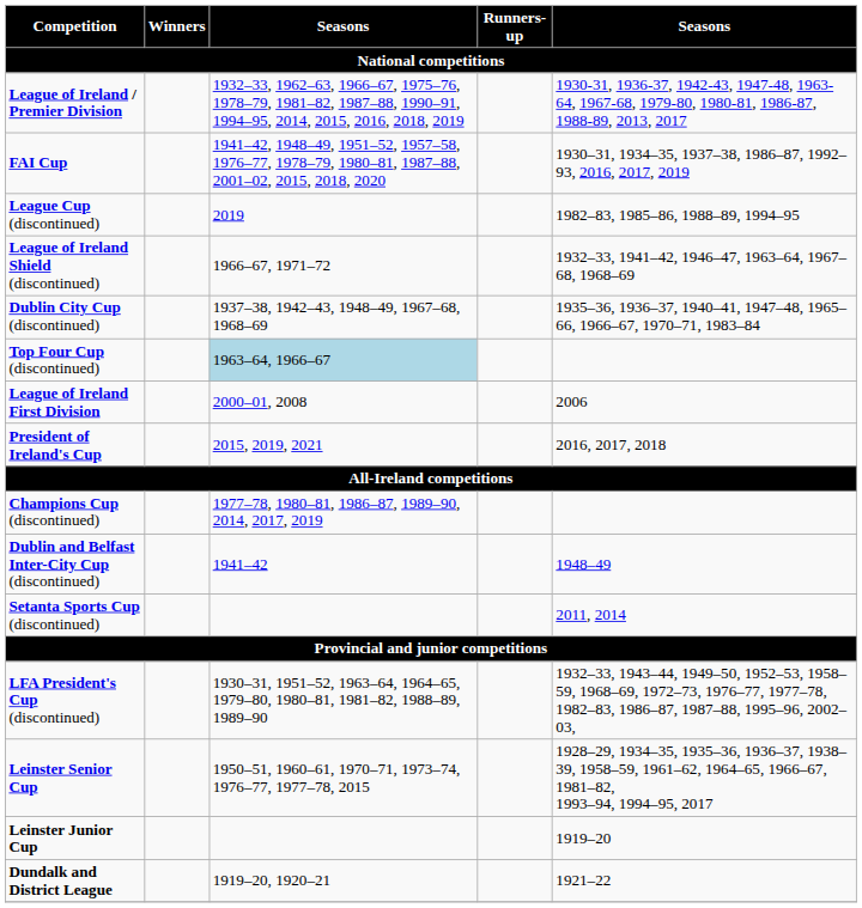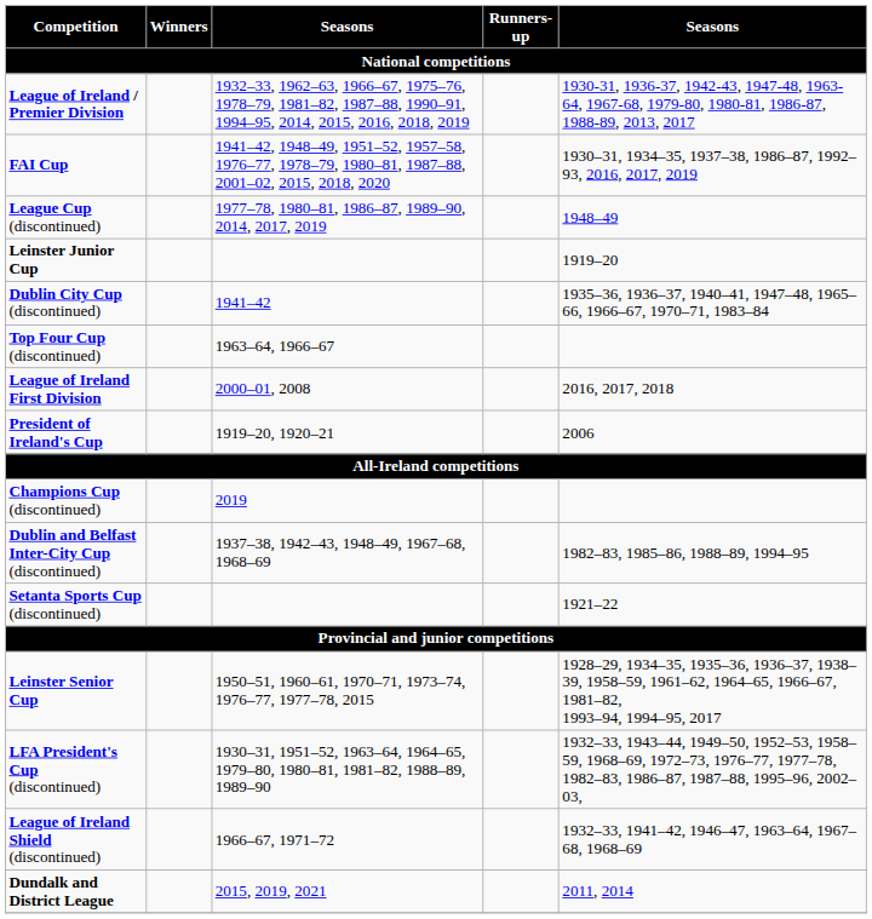 <table class="wikitable">
 <tr>
 <th style="color:white; background:black">Competition</th>
 <th style="color:white; background:black">Winners</th>
 <th style="color:white; background:black">Seasons</th>
 <th style="color:white; background:black">Runners-up</th>
 <th style="color:white; background:black">Seasons</th>
 </tr>
 <tr>
 <th Colspan="5" style="color:white; background:black"><strong>National competitions</strong></th>
 </tr>
 <tr>
 <td><strong><a href='#'>League of Ireland</a> / <br><a href='#'>Premier Division</a></strong></td>
 <td></td>
 <td><a href='#'>1932–33</a>, <a href='#'>1962–63</a>, <a href='#'>1966–67</a>, <a href='#'>1975–76</a>, <a href='#'>1978–79</a>, <a href='#'>1981–82</a>, <a href='#'>1987–88</a>, <a href='#'>1990–91</a>, <a href='#'>1994–95</a>, <a href='#'>2014</a>, <a href='#'>2015</a>, <a href='#'>2016</a>, <a href='#'>2018</a>, <a href='#'>2019</a></td>
 <td></td>
 <td><a href='#'>1930-31</a>, <a href='#'>1936-37</a>, <a href='#'>1942-43</a>, <a href='#'>1947-48</a>, <a href='#'>1963-64</a>, <a href='#'>1967-68</a>, <a href='#'>1979-80</a>, <a href='#'>1980-81</a>, <a href='#'>1986-87</a>, <a href='#'>1988-89</a>, <a href='#'>2013</a>, <a href='#'>2017</a></td>
 </tr>
 <tr>
 <td><strong><a href='#'>FAI Cup</a></strong></td>
 <td></td>
 <td><a href='#'>1941–42</a>, <a href='#'>1948–49</a>, <a href='#'>1951–52</a>, <a href='#'>1957–58</a>, <a href='#'>1976–77</a>, <a href='#'>1978–79</a>, <a href='#'>1980–81</a>, <a href='#'>1987–88</a>, <a href='#'>2001–02</a>, <a href='#'>2015</a>, <a href='#'>2018</a>, <a href='#'>2020</a></td>
 <td></td>
 <td>1930–31, 1934–35, 1937–38, 1986–87, 1992–93, <a href='#'>2016</a>, <a href='#'>2017</a>, <a href='#'>2019</a></td>
 </tr>
 <tr>
 <td><strong><a href='#'>League Cup</a></strong><br>(discontinued)</td>
 <td></td>
+<td><a href='#'>1977–78</a>, <a href='#'>1980–81</a>, <a href='#'>1986–87</a>, <a href='#'>1989–90</a>, <a href='#'>2014</a>, <a href='#'>2017</a>, <a href='#'>2019</a></td>
+<td></td>
+<td><a href='#'>1948–49</a></td>
+</tr>
+<tr>
+<td><strong>Leinster Junior Cup</strong></td>
+<td></td>
+<td></td>
+<td></td>
+<td>1919–20</td>
+</tr>
+<tr>
+<td><strong><a href='#'>Dublin City Cup</a></strong><br>(discontinued)</td>
+<td></td>
+<td><a href='#'>1941–42</a></td>
+<td></td>
+<td>1935–36, 1936–37, 1940–41, 1947–48, 1965–66, 1966–67, 1970–71, 1983–84</td>
+</tr>
+<tr>
+<td><strong><a href='#'>Top Four Cup</a></strong><br>(discontinued)</td>
+<td></td>
+<td>1963–64, 1966–67</td>
+<td></td>
+<td></td>
+</tr>
+<tr>
+<td><strong><a href='#'>League of Ireland First Division</a></strong></td>
+<td></td>
+<td><a href='#'>2000–01</a>, 2008</td>
+<td></td>
+<td>2016, 2017, 2018</td>
+</tr>
+<tr>
+<td><strong><a href='#'>President of Ireland's Cup</a></strong></td>
+<td></td>
+<td>1919–20, 1920–21</td>
+<td></td>
+<td>2006</td>
+</tr>
+<tr>
+<th Colspan="5" style="color:white; background:black"><strong>All-Ireland competitions</strong></th>
+</tr>
+<tr>
+<td><strong><a href='#'>Champions Cup</a></strong><br>(discontinued)</td>
+<td></td>
 <td><a href='#'>2019</a></td>
 <td></td>
+<td></td>
+</tr>
+<tr>
+<td><strong><a href='#'>Dublin and Belfast Inter-City Cup</a></strong><br>(discontinued)</td>
+<td></td>
+<td>1937–38, 1942–43, 1948–49, 1967–68, 1968–69</td>
+<td></td>
 <td>1982–83, 1985–86, 1988–89, 1994–95</td>
+</tr>
+<tr>
+<td><strong><a href='#'>Setanta Sports Cup</a></strong><br>(discontinued)</td>
+<td></td>
+<td></td>
+<td></td>
+<td>1921–22</td>
+</tr>
+<tr>
+<th Colspan="5" style="color:white; background:black"><strong>Provincial and junior competitions</strong></th>
+</tr>
+<tr>
+<td><strong><a href='#'>Leinster Senior Cup</a></strong></td>
+<td></td>
+<td>1950–51, 1960–61, 1970–71, 1973–74, 1976–77, 1977–78, 2015</td>
+<td></td>
+<td>1928–29, 1934–35, 1935–36, 1936–37, 1938–39, 1958–59, 1961–62, 1964–65, 1966–67, 1981–82,<br>1993–94, 1994–95, 2017</td>
+</tr>
+<tr>
+<td><strong><a href='#'>LFA President's Cup</a></strong><br>(discontinued)</td>
+<td></td>
+<td>1930–31, 1951–52, 1963–64, 1964–65, 1979–80, 1980–81, 1981–82, 1988–89, 1989–90</td>
+<td></td>
+<td>1932–33, 1943–44, 1949–50, 1952–53, 1958–59, 1968–69, 1972–73, 1976–77, 1977–78, 1982–83, 1986–87, 1987–88, 1995–96, 2002–03,</td>
 </tr>
 <tr>
 <td><strong><a href='#'>League of Ireland Shield</a></strong><br>(discontinued)</td>
 <td></td>
 <td>1966–67, 1971–72</td>
 <td></td>
 <td>1932–33, 1941–42, 1946–47, 1963–64, 1967–68, 1968–69</td>
 </tr>
 <tr>
-<td><strong><a href='#'>Dublin City Cup</a></strong><br>(discontinued)</td>
-<td></td>
-<td>1937–38, 1942–43, 1948–49, 1967–68, 1968–69</td>
-<td></td>
-<td>1935–36, 1936–37, 1940–41, 1947–48, 1965–66, 1966–67, 1970–71, 1983–84</td>
-</tr>
-<tr>
-<td><strong><a href='#'>Top Four Cup</a></strong><br>(discontinued)</td>
-<td></td>
-<td style="background: lightblue;">1963–64, 1966–67</td>
-<td></td>
-<td></td>
-</tr>
-<tr>
-<td><strong><a href='#'>League of Ireland First Division</a></strong></td>
-<td></td>
-<td><a href='#'>2000–01</a>, 2008</td>
-<td></td>
-<td>2006</td>
-</tr>
-<tr>
-<td><strong><a href='#'>President of Ireland's Cup</a></strong></td>
+<td><strong>Dundalk and District League</strong></td>
 <td></td>
 <td><a href='#'>2015</a>, <a href='#'>2019</a>, <a href='#'>2021</a></td>
-<td></td>
-<td>2016, 2017, 2018</td>
-</tr>
-<tr>
-<th Colspan="5" style="color:white; background:black"><strong>All-Ireland competitions</strong></th>
-</tr>
-<tr>
-<td><strong><a href='#'>Champions Cup</a></strong><br>(discontinued)</td>
-<td></td>
-<td><a href='#'>1977–78</a>, <a href='#'>1980–81</a>, <a href='#'>1986–87</a>, <a href='#'>1989–90</a>, <a href='#'>2014</a>, <a href='#'>2017</a>, <a href='#'>2019</a></td>
-<td></td>
-<td></td>
-</tr>
-<tr>
-<td><strong><a href='#'>Dublin and Belfast Inter-City Cup</a></strong><br>(discontinued)</td>
-<td></td>
-<td><a href='#'>1941–42</a></td>
-<td></td>
-<td><a href='#'>1948–49</a></td>
-</tr>
-<tr>
-<td><strong><a href='#'>Setanta Sports Cup</a></strong><br>(discontinued)</td>
-<td></td>
-<td></td>
 <td></td>
 <td><a href='#'>2011</a>, <a href='#'>2014</a></td>
 </tr>
 <tr>
-<th Colspan="5" style="color:white; background:black"><strong>Provincial and junior competitions</strong></th>
-</tr>
-<tr>
-<td><strong><a href='#'>LFA President's Cup</a></strong><br>(discontinued)</td>
-<td></td>
-<td>1930–31, 1951–52, 1963–64, 1964–65, 1979–80, 1980–81, 1981–82, 1988–89, 1989–90</td>
-<td></td>
-<td>1932–33, 1943–44, 1949–50, 1952–53, 1958–59, 1968–69, 1972–73, 1976–77, 1977–78, 1982–83, 1986–87, 1987–88, 1995–96, 2002–03,</td>
-</tr>
-<tr>
-<td><strong><a href='#'>Leinster Senior Cup</a></strong></td>
-<td></td>
-<td>1950–51, 1960–61, 1970–71, 1973–74, 1976–77, 1977–78, 2015</td>
-<td></td>
-<td>1928–29, 1934–35, 1935–36, 1936–37, 1938–39, 1958–59, 1961–62, 1964–65, 1966–67, 1981–82,<br>1993–94, 1994–95, 2017</td>
-</tr>
-<tr>
-<td><strong>Leinster Junior Cup</strong></td>
-<td></td>
-<td></td>
-<td></td>
-<td>1919–20</td>
-</tr>
-<tr>
-<td><strong>Dundalk and District League</strong></td>
-<td></td>
-<td>1919–20, 1920–21</td>
-<td></td>
-<td>1921–22</td>
-</tr>
-<tr>
 </tr>
 </table>
